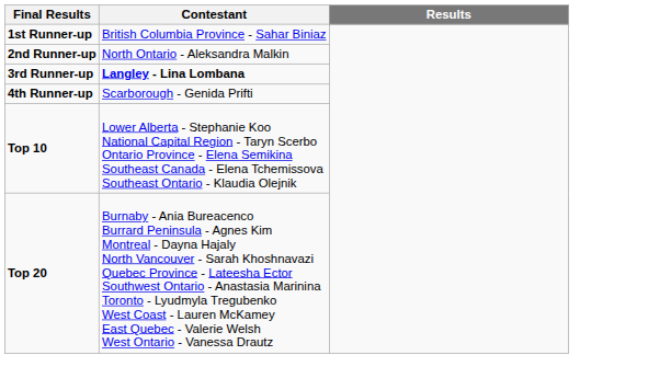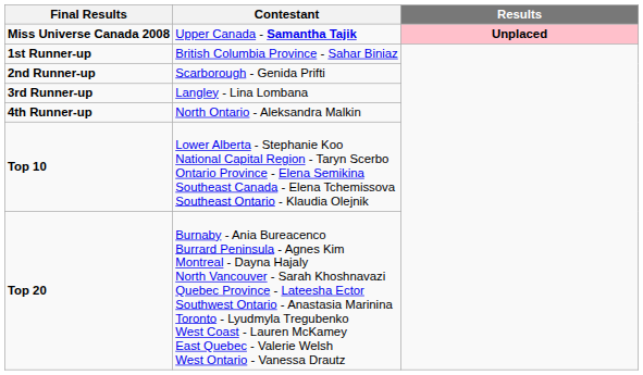 <table class="wikitable">
 <tr>
 <th>Final Results</th>
 <th>Contestant</th>
 <th width="300" style="background-color:#787878;color:#FFFFFF;">Results</th>
 </tr>
 <tr>
+<td><strong>Miss Universe Canada 2008</strong></td>
+<td> <a href='#'>Upper Canada</a> - <strong><a href='#'>Samantha Tajik</a></strong></td>
+<th style="background:pink;">Unplaced</th>
+</tr>
+<tr>
 <td><strong>1st Runner-up</strong></td>
 <td> <a href='#'>British Columbia Province</a> - <a href='#'>Sahar Biniaz</a></td>
 </tr>
 <tr>
 <td><strong>2nd Runner-up</strong></td>
-<td> <a href='#'>North Ontario</a> - Aleksandra Malkin</td>
+<td> <a href='#'>Scarborough</a> - Genida Prifti</td>
 </tr>
 <tr>
 <td><strong>3rd Runner-up</strong></td>
-<td><strong> <a href='#'>Langley</a> - Lina Lombana</strong></td>
+<td> <a href='#'>Langley</a> - Lina Lombana</td>
 </tr>
 <tr>
 <td><strong>4th Runner-up</strong></td>
-<td> <a href='#'>Scarborough</a> - Genida Prifti</td>
+<td> <a href='#'>North Ontario</a> - Aleksandra Malkin</td>
 </tr>
 <tr>
 <td><strong>Top 10</strong></td>
 <td><br> <a href='#'>Lower Alberta</a> - Stephanie Koo<br>  <a href='#'>National Capital Region</a> - Taryn Scerbo<br>  <a href='#'>Ontario Province</a> - <a href='#'>Elena Semikina</a><br>  <a href='#'>Southeast Canada</a> - Elena Tchemissova<br>  <a href='#'>Southeast Ontario</a> - Klaudia Olejnik<br></td>
 </tr>
 <tr>
 <td><strong>Top 20</strong></td>
 <td><br> <a href='#'>Burnaby</a> - Ania Bureacenco<br>  <a href='#'>Burrard Peninsula</a> - Agnes Kim<br>  <a href='#'>Montreal</a> - Dayna Hajaly<br>  <a href='#'>North Vancouver</a> - Sarah Khoshnavazi<br>  <a href='#'>Quebec Province</a> - <a href='#'>Lateesha Ector</a><br>  <a href='#'>Southwest Ontario</a> - Anastasia Marinina<br>  <a href='#'>Toronto</a> - Lyudmyla Tregubenko<br>  <a href='#'>West Coast</a> - Lauren McKamey<br>  <a href='#'>East Quebec</a> - Valerie Welsh<br>  <a href='#'>West Ontario</a> - Vanessa Drautz<br></td>
 </tr>
 </table>
